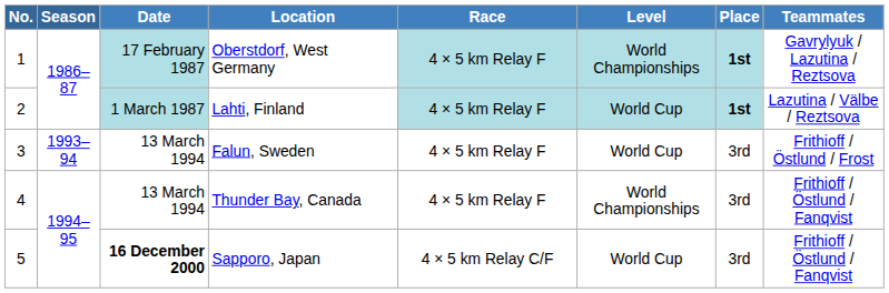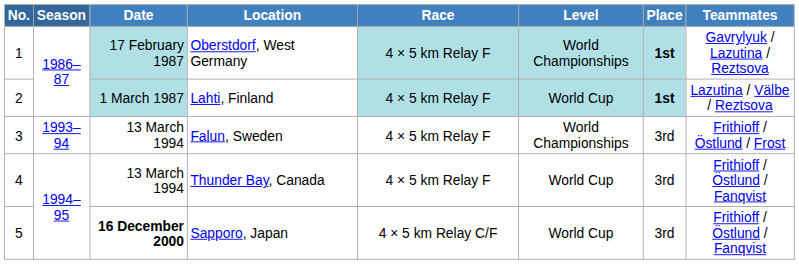 <table class="wikitable sortable" style="font-size:95%; text-align:center; border:grey solid 1px; border-collapse:collapse; background:#ffffff;">
 <tr style="background:#efefef;">
 <th style="background-color:#369; color:white;">No.</th>
 <th style="background-color:#369; color:white;">Season</th>
 <th style="background-color:#4180be; color:white; width:100px;">Date</th>
 <th style="background-color:#4180be; color:white; width:180px;">Location</th>
 <th style="background-color:#4180be; color:white; width:170px;">Race</th>
 <th style="background-color:#4180be; color:white; width:130px;">Level</th>
 <th style="background-color:#4180be; color:white;">Place</th>
 <th style="background-color:#4180be; color:white;">Teammates</th>
 </tr>
 <tr>
 <td align=center>1</td>
 <td rowspan=2 align=center><a href='#'>1986–87</a></td>
 <td bgcolor="#BOEOE6" align=right>17 February 1987</td>
 <td align=left> <a href='#'>Oberstdorf</a>, West Germany</td>
 <td bgcolor="#BOEOE6">4 × 5 km Relay F</td>
 <td bgcolor="#BOEOE6">World Championships</td>
 <td bgcolor="#BOEOE6"><strong>1st</strong></td>
 <td><a href='#'>Gavrylyuk</a> / <a href='#'>Lazutina</a> / <a href='#'>Reztsova</a></td>
 </tr>
 <tr>
 <td align=center>2</td>
 <td bgcolor="#BOEOE6" align=right>1 March 1987</td>
 <td align=left> <a href='#'>Lahti</a>, Finland</td>
 <td bgcolor="#BOEOE6">4 × 5 km Relay F</td>
 <td bgcolor="#BOEOE6">World Cup</td>
 <td bgcolor="#BOEOE6"><strong>1st</strong></td>
 <td><a href='#'>Lazutina</a> / <a href='#'>Välbe</a> / <a href='#'>Reztsova</a></td>
 </tr>
 <tr>
 <td align=center>3</td>
 <td rowspan=1 align=center><a href='#'>1993–94</a></td>
 <td align=right>13 March 1994</td>
 <td align=left> <a href='#'>Falun</a>, Sweden</td>
 <td>4 × 5 km Relay F</td>
-<td>World Cup</td>
+<td>World Championships</td>
 <td>3rd</td>
 <td><a href='#'>Frithioff</a> / <a href='#'>Östlund</a> / <a href='#'>Frost</a></td>
 </tr>
 <tr>
 <td align=center>4</td>
 <td rowspan=2 align=center><a href='#'>1994–95</a></td>
 <td align=right>13 March 1994</td>
 <td align=left> <a href='#'>Thunder Bay</a>, Canada</td>
 <td>4 × 5 km Relay F</td>
-<td>World Championships</td>
+<td>World Cup</td>
 <td>3rd</td>
 <td><a href='#'>Frithioff</a> / <a href='#'>Östlund</a> / <a href='#'>Fanqvist</a></td>
 </tr>
 <tr>
 <td align=center>5</td>
 <td align=right><strong>16 December 2000</strong></td>
 <td align=left> <a href='#'>Sapporo</a>, Japan</td>
 <td>4 × 5 km Relay C/F</td>
 <td>World Cup</td>
 <td>3rd</td>
 <td><a href='#'>Frithioff</a> / <a href='#'>Östlund</a> / <a href='#'>Fanqvist</a></td>
 </tr>
 </table>
